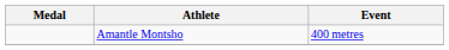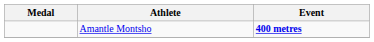 <table class="wikitable" style="font-size:90%"  width=60%>
 <tr>
 <th>Medal</th>
 <th>Athlete</th>
 <th>Event</th>
 </tr>
 <tr>
 <td></td>
 <td><a href='#'>Amantle Montsho</a></td>
-<td><a href='#'>400 metres</a></td>
+<td><strong><a href='#'>400 metres</a></strong></td>
 </tr>
 <tr>
 </tr>
 </table>
